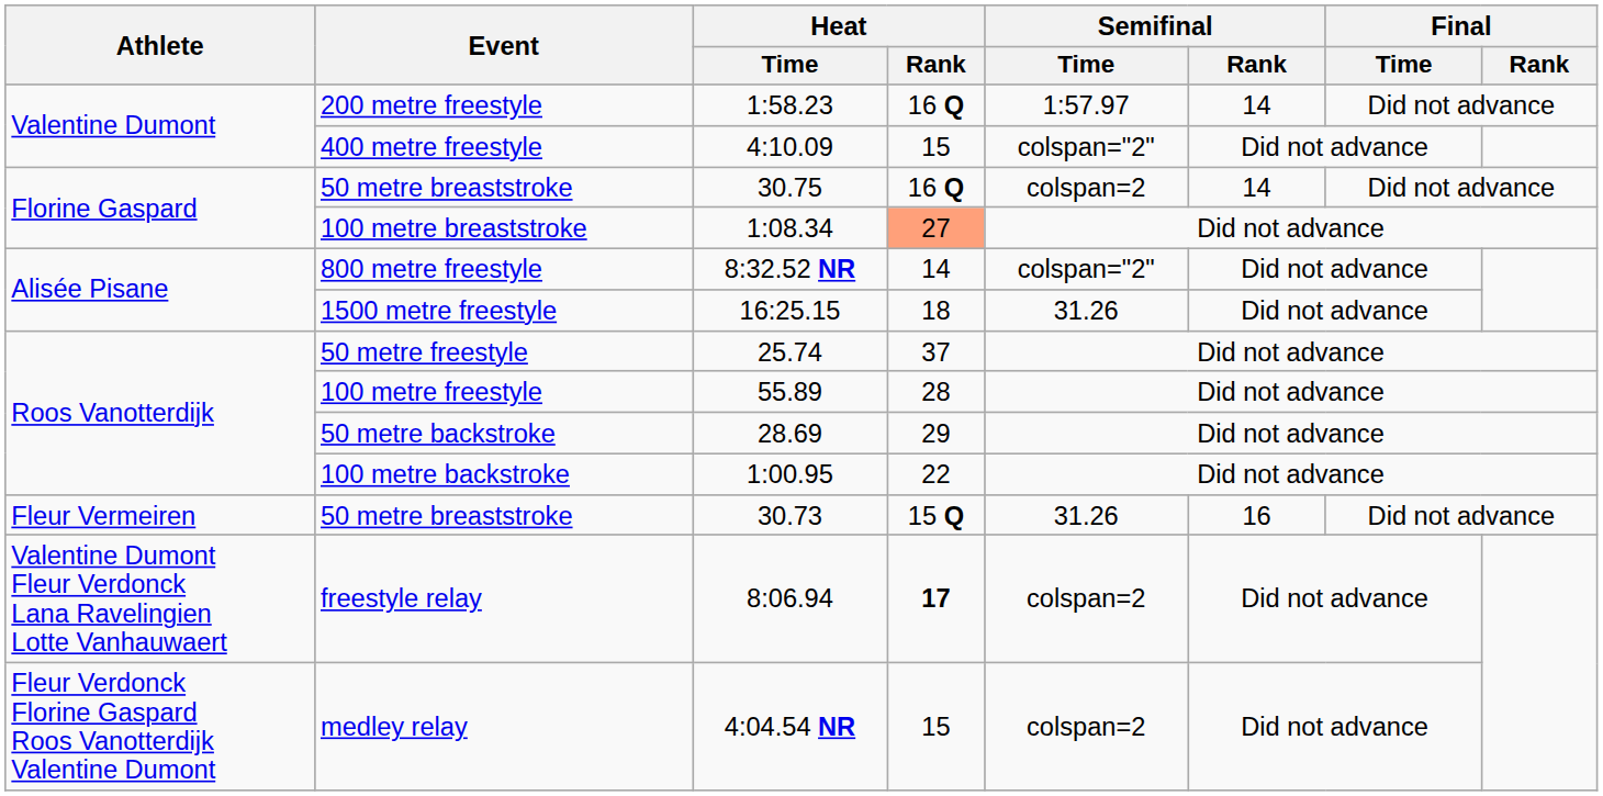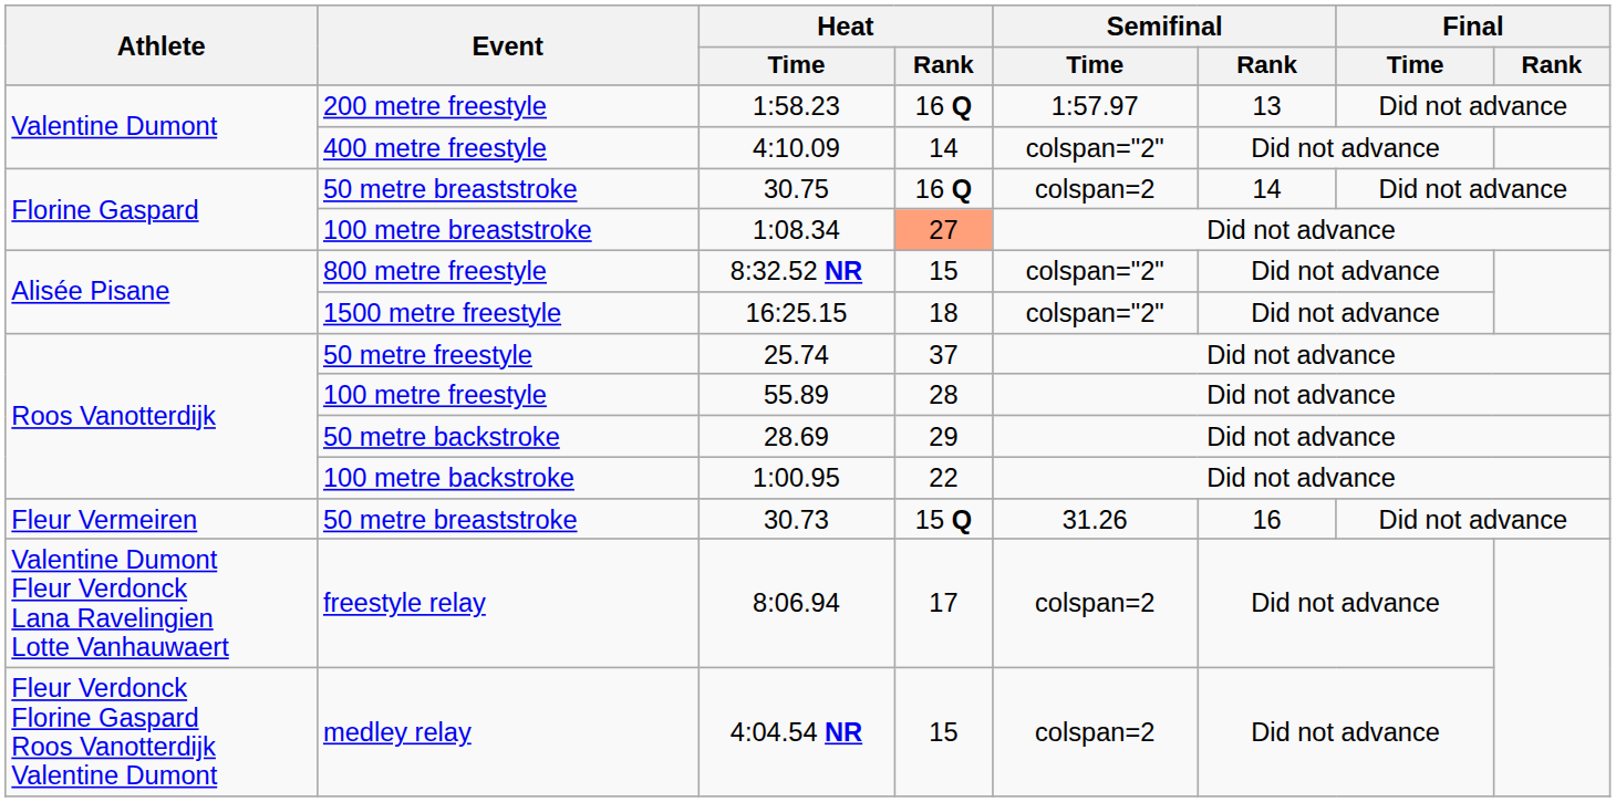 <table class="wikitable" style="text-align:center; font-size:90%; width:70%;">
 <tr>
 <th rowspan="2">Athlete</th>
 <th rowspan="2">Event</th>
 <th colspan="2">Heat</th>
 <th colspan="2">Semifinal</th>
 <th colspan="2">Final</th>
 </tr>
 <tr style="font-size:95%">
 <th>Time</th>
 <th>Rank</th>
 <th>Time</th>
 <th>Rank</th>
 <th>Time</th>
 <th>Rank</th>
 </tr>
 <tr>
 <td align=left rowspan=2><a href='#'>Valentine Dumont</a></td>
 <td align=left><a href='#'>200 metre freestyle</a></td>
 <td>1:58.23</td>
 <td>16 <strong>Q</strong></td>
 <td>1:57.97</td>
-<td>14</td>
+<td>13</td>
 <td colspan="2">Did not advance</td>
 </tr>
 <tr>
 <td align=left><a href='#'>400 metre freestyle</a></td>
 <td>4:10.09</td>
-<td>15</td>
+<td>14</td>
 <td>colspan="2" </td>
 <td colspan="2">Did not advance</td>
 </tr>
 <tr>
 <td align=left rowspan=2><a href='#'>Florine Gaspard</a></td>
 <td align=left><a href='#'>50 metre breaststroke</a></td>
 <td>30.75</td>
 <td>16 <strong>Q</strong></td>
 <td>colspan=2 </td>
 <td>14</td>
 <td colspan="2">Did not advance</td>
 </tr>
 <tr>
 <td align=left><a href='#'>100 metre breaststroke</a></td>
 <td>1:08.34</td>
 <td style="background: lightsalmon;">27</td>
 <td colspan=4>Did not advance</td>
 </tr>
 <tr>
 <td align=left rowspan=2><a href='#'>Alisée Pisane</a></td>
 <td align=left><a href='#'>800 metre freestyle</a></td>
 <td>8:32.52 <strong><a href='#'>NR</a></strong></td>
-<td>14</td>
+<td>15</td>
 <td>colspan="2" </td>
 <td colspan="2">Did not advance</td>
 </tr>
 <tr>
 <td align=left><a href='#'>1500 metre freestyle</a></td>
 <td>16:25.15</td>
 <td>18</td>
-<td>31.26</td>
+<td>colspan="2" </td>
 <td colspan="2">Did not advance</td>
 </tr>
 <tr>
 <td align=left rowspan=4><a href='#'>Roos Vanotterdijk</a></td>
 <td align=left><a href='#'>50 metre freestyle</a></td>
 <td>25.74</td>
 <td>37</td>
 <td colspan=4>Did not advance</td>
 </tr>
 <tr>
 <td align=left><a href='#'>100 metre freestyle</a></td>
 <td>55.89</td>
 <td>28</td>
 <td colspan=4>Did not advance</td>
 </tr>
 <tr>
 <td align=left><a href='#'>50 metre backstroke</a></td>
 <td>28.69</td>
 <td>29</td>
 <td colspan=4>Did not advance</td>
 </tr>
 <tr>
 <td align=left><a href='#'>100 metre backstroke</a></td>
 <td>1:00.95</td>
 <td>22</td>
 <td colspan=4>Did not advance</td>
 </tr>
 <tr>
 <td align=left><a href='#'>Fleur Vermeiren</a></td>
 <td align=left><a href='#'>50 metre breaststroke</a></td>
 <td>30.73</td>
 <td>15 <strong>Q</strong></td>
 <td>31.26</td>
 <td>16</td>
 <td colspan=2>Did not advance</td>
 </tr>
 <tr>
 <td align=left><a href='#'>Valentine Dumont</a>  <br> <a href='#'>Fleur Verdonck</a> <br> <a href='#'>Lana Ravelingien</a> <br> <a href='#'>Lotte Vanhauwaert</a></td>
 <td align=left><a href='#'> freestyle relay</a></td>
 <td>8:06.94</td>
-<td><strong>17</strong></td>
+<td>17</td>
 <td>colspan=2 </td>
 <td colspan=2>Did not advance</td>
 </tr>
 <tr>
 <td align=left><a href='#'>Fleur Verdonck</a> <br> <a href='#'>Florine Gaspard</a> <br> <a href='#'>Roos Vanotterdijk</a> <br> <a href='#'>Valentine Dumont</a></td>
 <td align=left><a href='#'> medley relay</a></td>
 <td>4:04.54 <strong><a href='#'>NR</a></strong></td>
 <td>15</td>
 <td>colspan=2 </td>
 <td colspan=2>Did not advance</td>
 </tr>
 </table>
